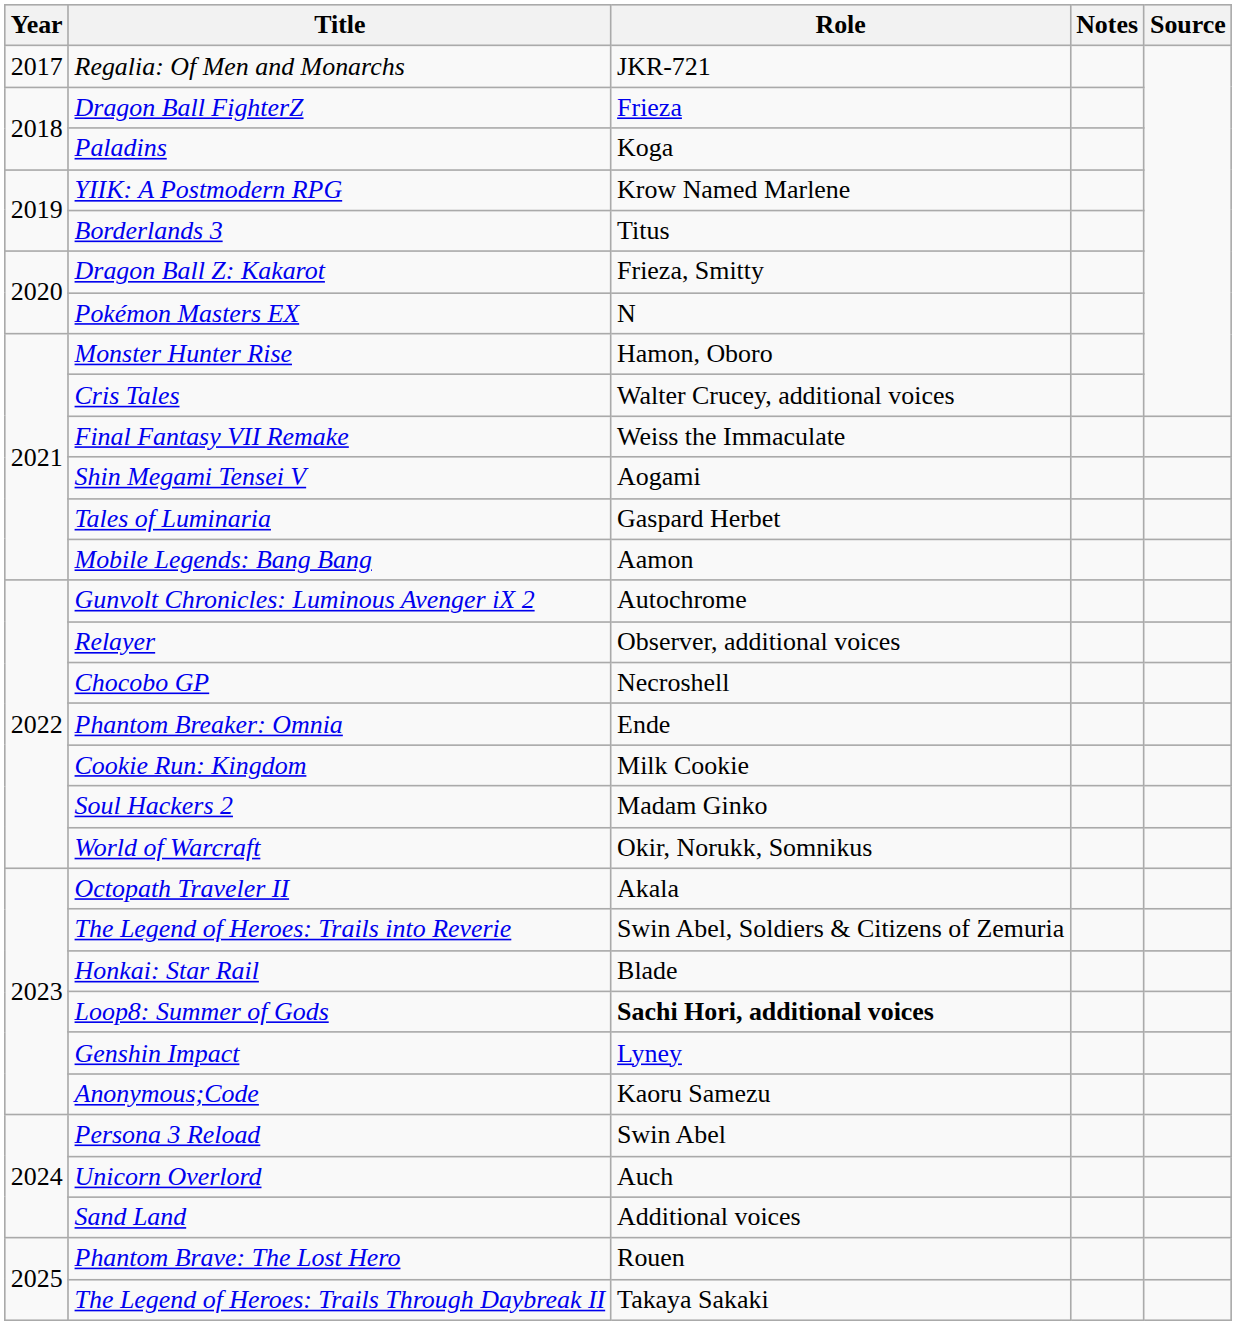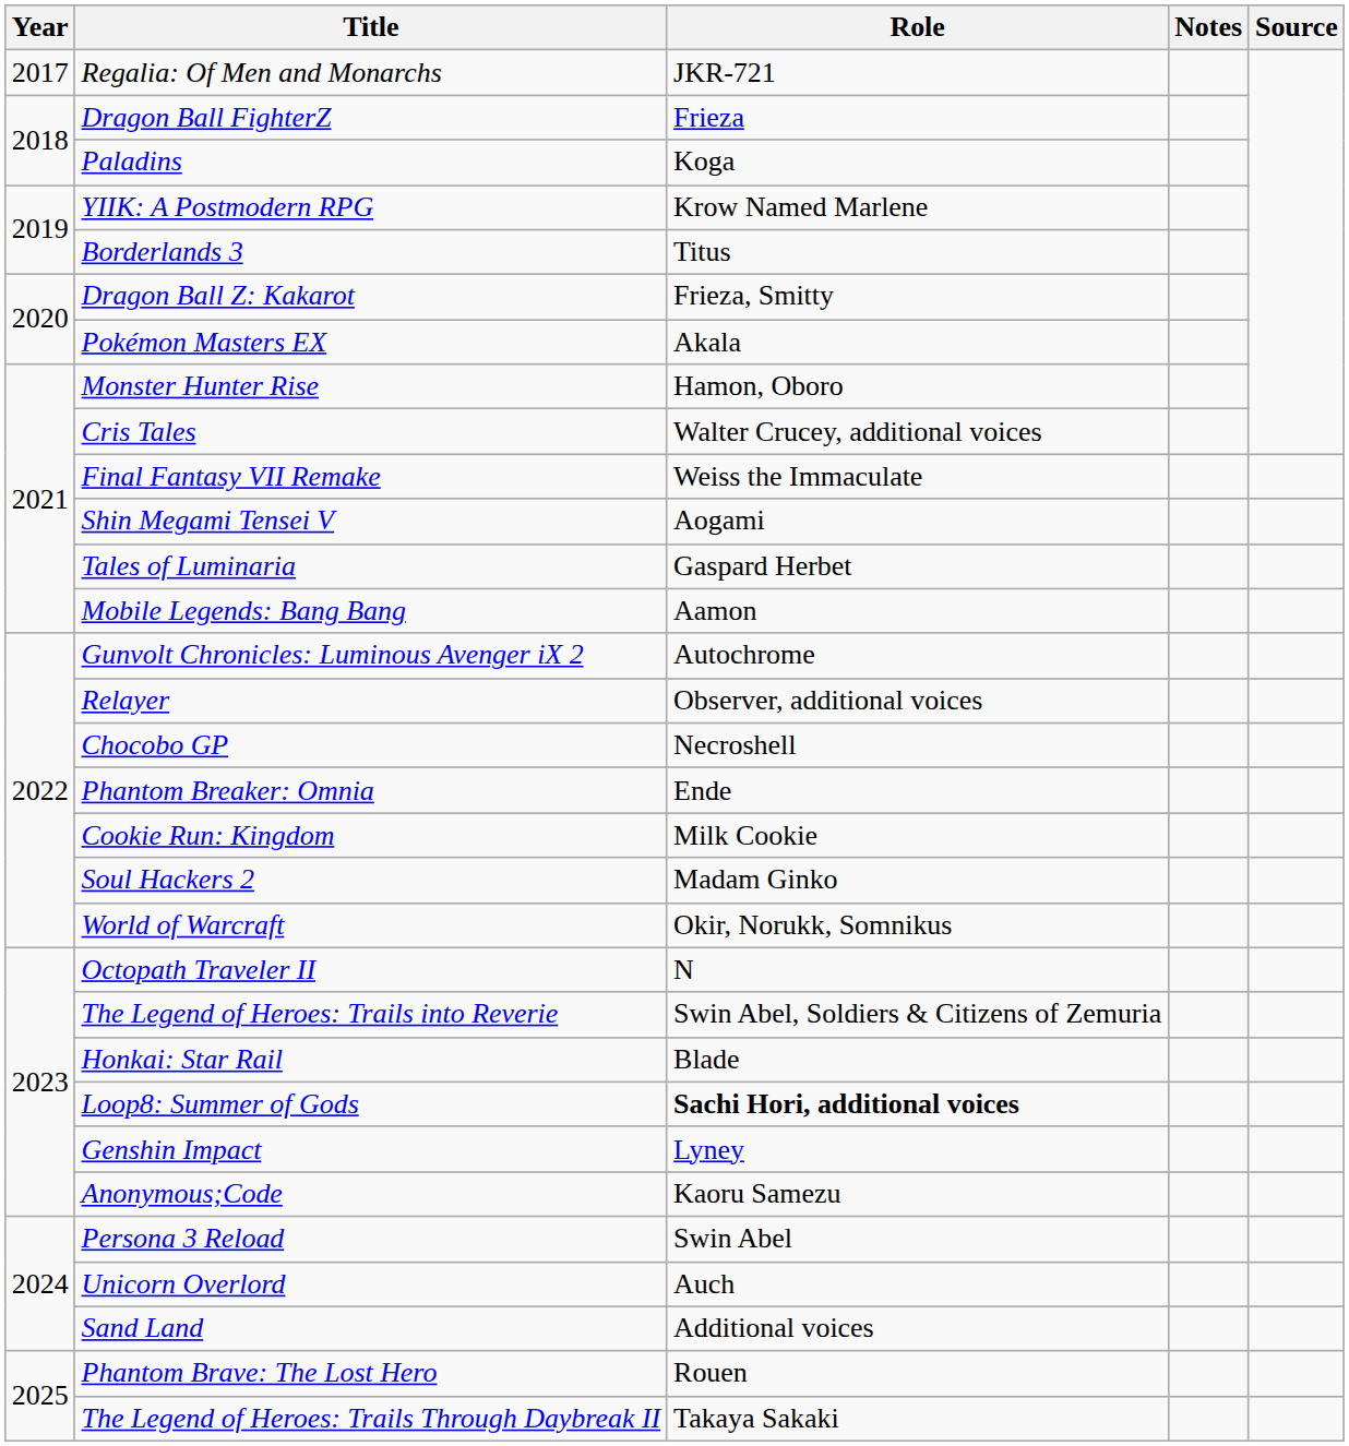 <table class="wikitable sortable plainrowheaders">
 <tr>
 <th>Year</th>
 <th>Title</th>
 <th>Role</th>
 <th class="unsortable">Notes</th>
 <th class="unsortable">Source</th>
 </tr>
 <tr>
 <td>2017</td>
 <td><em>Regalia: Of Men and Monarchs</em></td>
 <td>JKR-721</td>
 <td></td>
 <td rowspan="9"></td>
 </tr>
 <tr>
 <td rowspan="2">2018</td>
 <td><em><a href='#'>Dragon Ball FighterZ</a></em></td>
 <td><a href='#'>Frieza</a></td>
 <td></td>
 </tr>
 <tr>
 <td><em><a href='#'>Paladins</a></em></td>
 <td>Koga</td>
 <td></td>
 </tr>
 <tr>
 <td rowspan="2">2019</td>
 <td><em><a href='#'>YIIK: A Postmodern RPG</a></em></td>
 <td>Krow Named Marlene</td>
 <td></td>
 </tr>
 <tr>
 <td><em><a href='#'>Borderlands 3</a></em></td>
 <td>Titus</td>
 <td></td>
 </tr>
 <tr>
 <td rowspan="2">2020</td>
 <td><em><a href='#'>Dragon Ball Z: Kakarot</a></em></td>
 <td>Frieza, Smitty</td>
 <td></td>
 </tr>
 <tr>
 <td><em><a href='#'>Pokémon Masters EX</a></em></td>
-<td>N</td>
+<td>Akala</td>
 <td></td>
 </tr>
 <tr>
 <td rowspan="6">2021</td>
 <td><em><a href='#'>Monster Hunter Rise</a></em></td>
 <td>Hamon, Oboro</td>
 <td></td>
 </tr>
 <tr>
 <td><em><a href='#'>Cris Tales</a></em></td>
 <td>Walter Crucey, additional voices</td>
 <td></td>
 </tr>
 <tr>
 <td><em><a href='#'>Final Fantasy VII Remake</a></em></td>
 <td>Weiss the Immaculate</td>
 <td></td>
 <td></td>
 </tr>
 <tr>
 <td><em><a href='#'>Shin Megami Tensei V</a></em></td>
 <td>Aogami</td>
 <td></td>
 <td></td>
 </tr>
 <tr>
 <td><em><a href='#'>Tales of Luminaria</a></em></td>
 <td>Gaspard Herbet</td>
 <td></td>
 <td></td>
 </tr>
 <tr>
 <td><em><a href='#'>Mobile Legends: Bang Bang</a></em></td>
 <td>Aamon</td>
 <td></td>
 <td></td>
 </tr>
 <tr>
 <td rowspan="7">2022</td>
 <td><em><a href='#'>Gunvolt Chronicles: Luminous Avenger iX 2</a></em></td>
 <td>Autochrome</td>
 <td></td>
 <td></td>
 </tr>
 <tr>
 <td><em><a href='#'>Relayer</a></em></td>
 <td>Observer, additional voices</td>
 <td></td>
 <td></td>
 </tr>
 <tr>
 <td><em><a href='#'>Chocobo GP</a></em></td>
 <td>Necroshell</td>
 <td></td>
 <td></td>
 </tr>
 <tr>
 <td><em><a href='#'>Phantom Breaker: Omnia</a></em></td>
 <td>Ende</td>
 <td></td>
 <td></td>
 </tr>
 <tr>
 <td><em><a href='#'>Cookie Run: Kingdom</a></em></td>
 <td>Milk Cookie</td>
 <td></td>
 <td></td>
 </tr>
 <tr>
 <td><em><a href='#'>Soul Hackers 2</a></em></td>
 <td>Madam Ginko</td>
 <td></td>
 <td></td>
 </tr>
 <tr>
 <td><em><a href='#'>World of Warcraft</a></em></td>
 <td>Okir, Norukk, Somnikus</td>
 <td></td>
 <td></td>
 </tr>
 <tr>
 <td rowspan="6">2023</td>
 <td><em><a href='#'>Octopath Traveler II</a></em></td>
-<td>Akala</td>
+<td>N</td>
 <td></td>
 <td></td>
 </tr>
 <tr>
 <td><em><a href='#'>The Legend of Heroes: Trails into Reverie</a></em></td>
 <td>Swin Abel, Soldiers & Citizens of Zemuria</td>
 <td></td>
 <td></td>
 </tr>
 <tr>
 <td><em><a href='#'>Honkai: Star Rail</a></em></td>
 <td>Blade</td>
 <td></td>
 <td></td>
 </tr>
 <tr>
 <td><em><a href='#'>Loop8: Summer of Gods</a></em></td>
 <td><strong>Sachi Hori, additional voices</strong></td>
 <td></td>
 <td></td>
 </tr>
 <tr>
 <td><em><a href='#'>Genshin Impact</a></em></td>
 <td><a href='#'>Lyney</a></td>
 <td></td>
 <td></td>
 </tr>
 <tr>
 <td><em><a href='#'>Anonymous;Code</a></em></td>
 <td>Kaoru Samezu</td>
 <td></td>
 <td></td>
 </tr>
 <tr>
 <td rowspan="3">2024</td>
 <td><em><a href='#'>Persona 3 Reload</a></em></td>
 <td>Swin Abel</td>
 <td></td>
 <td></td>
 </tr>
 <tr>
 <td><em><a href='#'>Unicorn Overlord</a></em></td>
 <td>Auch</td>
 <td></td>
 <td></td>
 </tr>
 <tr>
 <td><em><a href='#'>Sand Land</a></em></td>
 <td>Additional voices</td>
 <td></td>
 <td></td>
 </tr>
 <tr>
 <td rowspan="2">2025</td>
 <td><em><a href='#'>Phantom Brave: The Lost Hero</a></em></td>
 <td>Rouen</td>
 <td></td>
 <td></td>
 </tr>
 <tr>
 <td><em><a href='#'>The Legend of Heroes: Trails Through Daybreak II</a></em></td>
 <td>Takaya Sakaki</td>
 <td></td>
 <td></td>
 </tr>
 </table>
